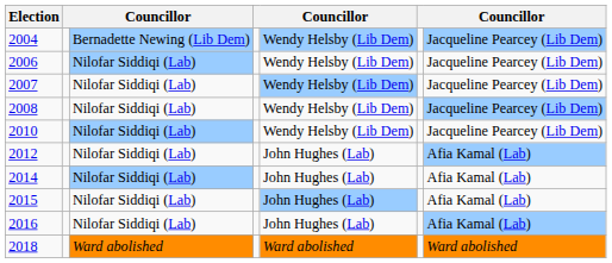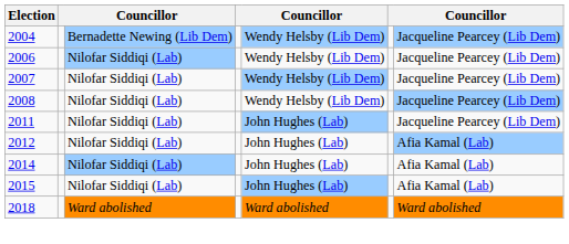 <table class="wikitable">
 <tr>
 <th>Election</th>
 <th colspan="2">Councillor</th>
 <th colspan="2">Councillor</th>
 <th colspan="2">Councillor</th>
 </tr>
 <tr>
 <td><a href='#'>2004</a></td>
 <td style="background-color: "></td>
 <td bgcolor="#99CCFF">Bernadette Newing (<a href='#'>Lib Dem</a>)</td>
 <td style="background-color: "></td>
 <td bgcolor="#99CCFF">Wendy Helsby (<a href='#'>Lib Dem</a>)</td>
 <td style="background-color: "></td>
 <td bgcolor="#99CCFF">Jacqueline Pearcey (<a href='#'>Lib Dem</a>)</td>
 </tr>
 <tr>
 <td><a href='#'>2006</a></td>
 <td style="background-color: "></td>
 <td bgcolor="#99CCFF">Nilofar Siddiqi (<a href='#'>Lab</a>)</td>
 <td style="background-color: "></td>
 <td>Wendy Helsby (<a href='#'>Lib Dem</a>)</td>
 <td style="background-color: "></td>
 <td>Jacqueline Pearcey (<a href='#'>Lib Dem</a>)</td>
 </tr>
 <tr>
 <td><a href='#'>2007</a></td>
 <td style="background-color: "></td>
 <td>Nilofar Siddiqi (<a href='#'>Lab</a>)</td>
 <td style="background-color: "></td>
 <td bgcolor="#99CCFF">Wendy Helsby (<a href='#'>Lib Dem</a>)</td>
 <td style="background-color: "></td>
 <td>Jacqueline Pearcey (<a href='#'>Lib Dem</a>)</td>
 </tr>
 <tr>
 <td><a href='#'>2008</a></td>
 <td style="background-color: "></td>
 <td>Nilofar Siddiqi (<a href='#'>Lab</a>)</td>
 <td style="background-color: "></td>
 <td>Wendy Helsby (<a href='#'>Lib Dem</a>)</td>
 <td style="background-color: "></td>
 <td bgcolor="#99CCFF">Jacqueline Pearcey (<a href='#'>Lib Dem</a>)</td>
 </tr>
 <tr>
-<td><a href='#'>2010</a></td>
+<td><a href='#'>2011</a></td>
 <td style="background-color: "></td>
-<td bgcolor="#99CCFF">Nilofar Siddiqi (<a href='#'>Lab</a>)</td>
+<td>Nilofar Siddiqi (<a href='#'>Lab</a>)</td>
 <td style="background-color: "></td>
-<td>Wendy Helsby (<a href='#'>Lib Dem</a>)</td>
+<td bgcolor="#99CCFF">John Hughes (<a href='#'>Lab</a>)</td>
 <td style="background-color: "></td>
 <td>Jacqueline Pearcey (<a href='#'>Lib Dem</a>)</td>
 </tr>
 <tr>
 <td><a href='#'>2012</a></td>
 <td style="background-color: "></td>
 <td>Nilofar Siddiqi (<a href='#'>Lab</a>)</td>
 <td style="background-color: "></td>
 <td>John Hughes (<a href='#'>Lab</a>)</td>
 <td style="background-color: "></td>
 <td bgcolor="#99CCFF">Afia Kamal (<a href='#'>Lab</a>)</td>
 </tr>
 <tr>
 <td><a href='#'>2014</a></td>
 <td style="background-color: "></td>
 <td bgcolor="#99CCFF">Nilofar Siddiqi (<a href='#'>Lab</a>)</td>
 <td style="background-color: "></td>
 <td>John Hughes (<a href='#'>Lab</a>)</td>
 <td style="background-color: "></td>
 <td>Afia Kamal (<a href='#'>Lab</a>)</td>
 </tr>
 <tr>
 <td><a href='#'>2015</a></td>
 <td style="background-color: "></td>
 <td>Nilofar Siddiqi (<a href='#'>Lab</a>)</td>
 <td style="background-color: "></td>
 <td bgcolor="#99CCFF">John Hughes (<a href='#'>Lab</a>)</td>
 <td style="background-color: "></td>
 <td>Afia Kamal (<a href='#'>Lab</a>)</td>
 </tr>
 <tr>
-<td><a href='#'>2016</a></td>
-<td style="background-color: "></td>
-<td>Nilofar Siddiqi (<a href='#'>Lab</a>)</td>
-<td style="background-color: "></td>
-<td>John Hughes (<a href='#'>Lab</a>)</td>
-<td style="background-color: "></td>
-<td bgcolor="#99CCFF">Afia Kamal (<a href='#'>Lab</a>)</td>
-</tr>
-<tr>
 <td><a href='#'>2018</a></td>
 <td style="background-color: "></td>
 <td bgcolor="#FF8C00"><em>Ward abolished</em></td>
 <td style="background-color: "></td>
 <td bgcolor="#FF8C00"><em>Ward abolished</em></td>
 <td style="background-color: "></td>
 <td bgcolor="#FF8C00"><em>Ward abolished</em></td>
 </tr>
 </table>
